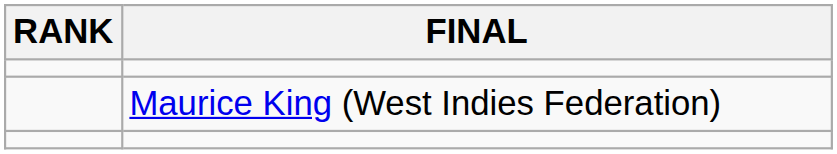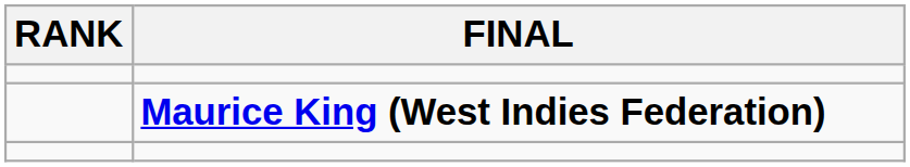 <table class="wikitable">
 <tr>
 <th>RANK</th>
 <th style="width: 20em">FINAL</th>
 </tr>
 <tr>
 <td align="center"></td>
 <td></td>
 </tr>
 <tr>
 <td align="center"></td>
-<td> <a href='#'>Maurice King</a> (West Indies Federation)</td>
+<td><strong> <a href='#'>Maurice King</a> (West Indies Federation)</strong></td>
 </tr>
 <tr>
 <td align="center"></td>
 <td></td>
 </tr>
 </table>
